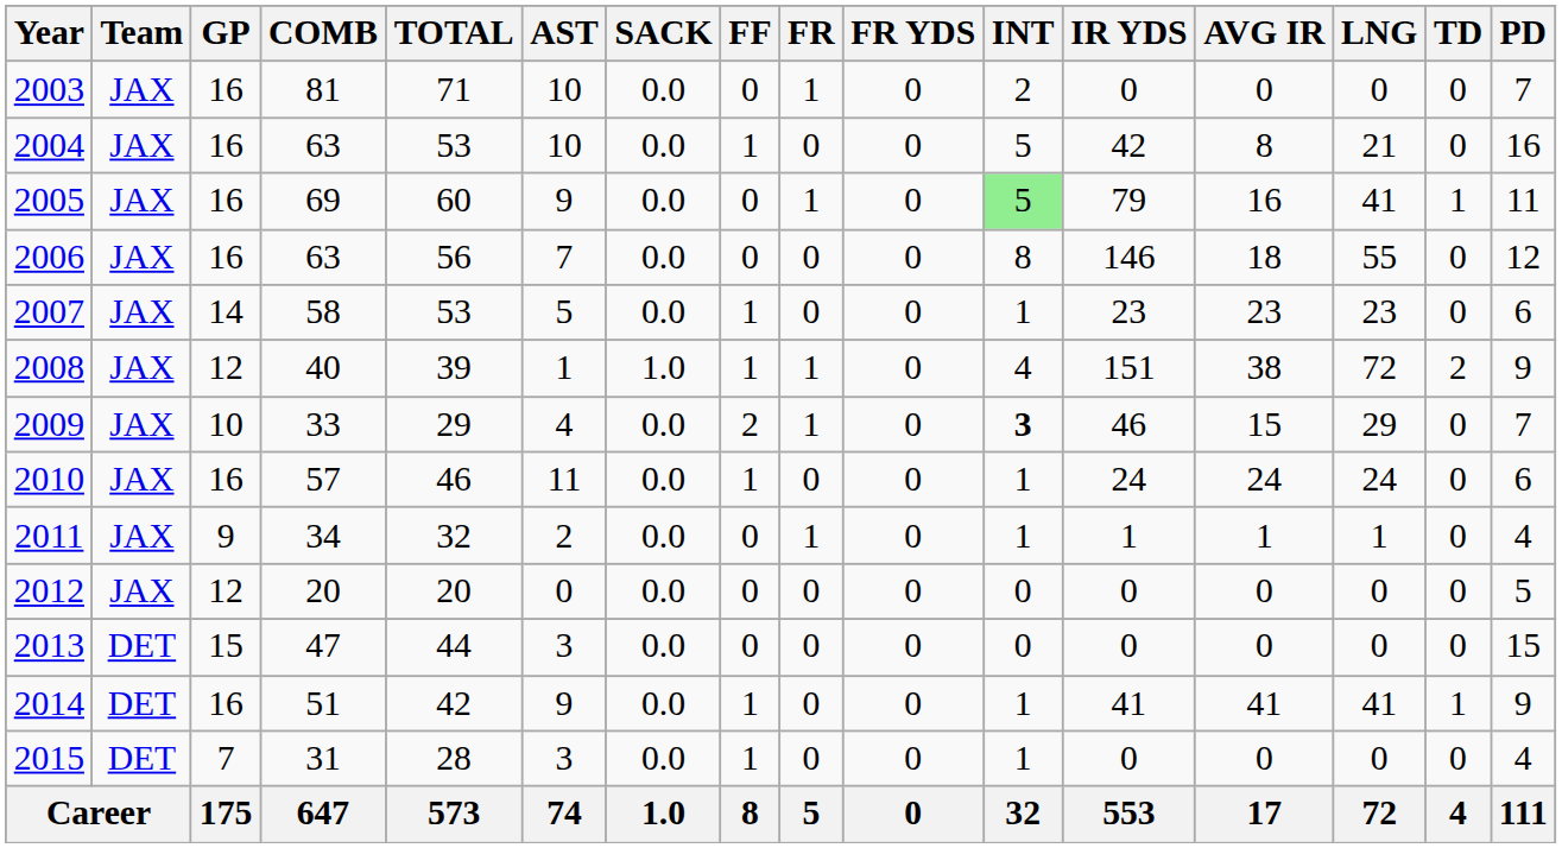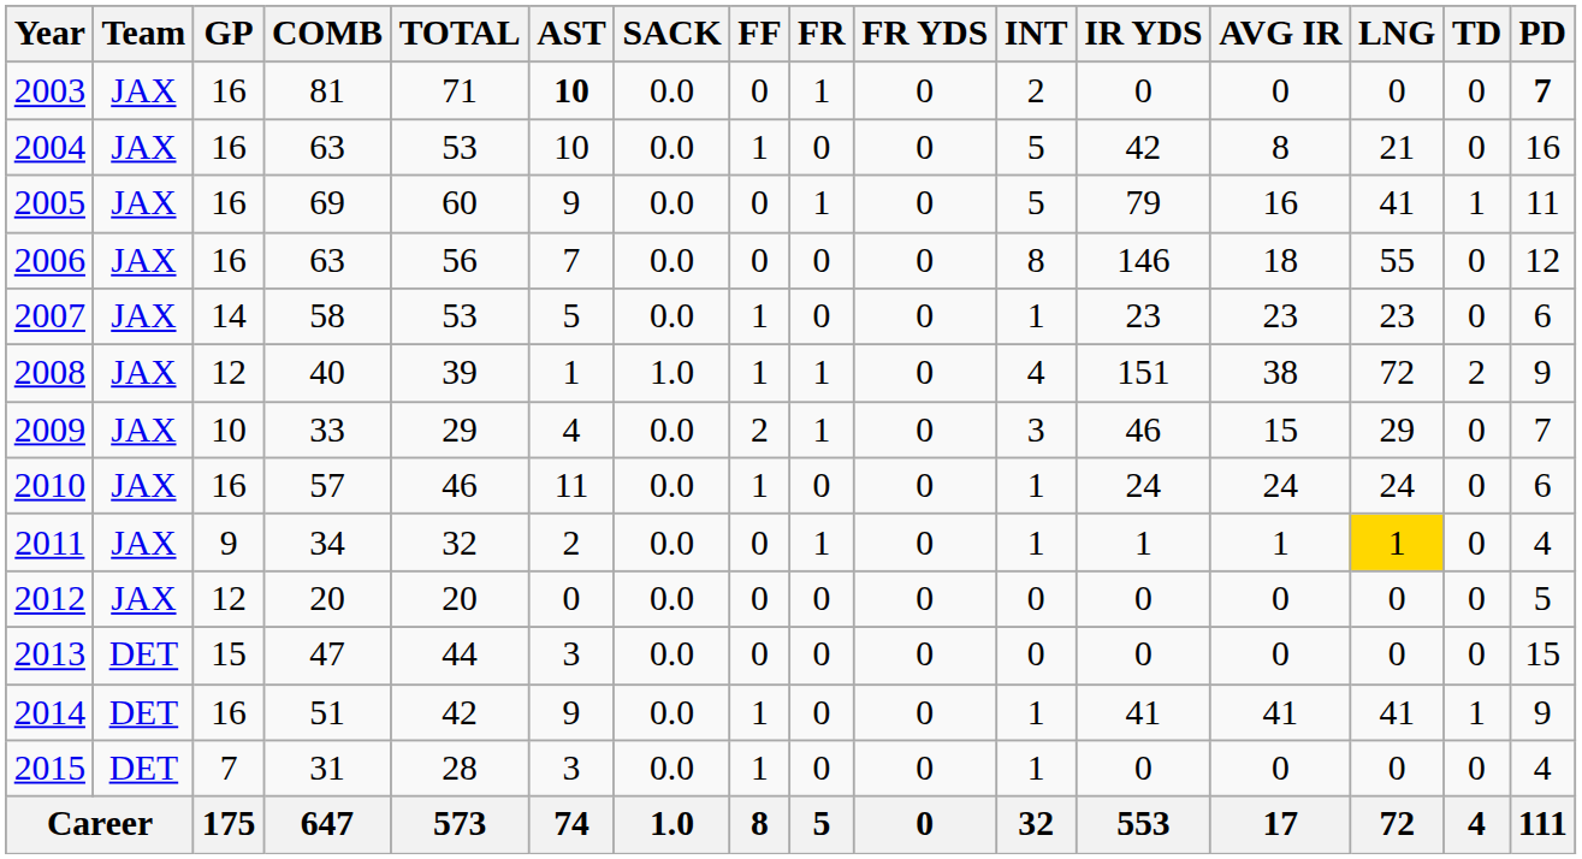 <table class="wikitable" style="text-align:center">
 <tr>
 <th>Year</th>
 <th>Team</th>
 <th>GP</th>
 <th>COMB</th>
 <th>TOTAL</th>
 <th>AST</th>
 <th>SACK</th>
 <th>FF</th>
 <th>FR</th>
 <th>FR YDS</th>
 <th>INT</th>
 <th>IR YDS</th>
 <th>AVG IR</th>
 <th>LNG</th>
 <th>TD</th>
 <th>PD</th>
 </tr>
 <tr>
 <td><a href='#'>2003</a></td>
 <td><a href='#'>JAX</a></td>
 <td>16</td>
 <td>81</td>
 <td>71</td>
-<td>10</td>
+<td><strong>10</strong></td>
 <td>0.0</td>
 <td>0</td>
 <td>1</td>
 <td>0</td>
 <td>2</td>
 <td>0</td>
 <td>0</td>
 <td>0</td>
 <td>0</td>
-<td>7</td>
+<td><strong>7</strong></td>
 </tr>
 <tr>
 <td><a href='#'>2004</a></td>
 <td><a href='#'>JAX</a></td>
 <td>16</td>
 <td>63</td>
 <td>53</td>
 <td>10</td>
 <td>0.0</td>
 <td>1</td>
 <td>0</td>
 <td>0</td>
 <td>5</td>
 <td>42</td>
 <td>8</td>
 <td>21</td>
 <td>0</td>
 <td>16</td>
 </tr>
 <tr>
 <td><a href='#'>2005</a></td>
 <td><a href='#'>JAX</a></td>
 <td>16</td>
 <td>69</td>
 <td>60</td>
 <td>9</td>
 <td>0.0</td>
 <td>0</td>
 <td>1</td>
 <td>0</td>
-<td style="background: lightgreen;">5</td>
+<td>5</td>
 <td>79</td>
 <td>16</td>
 <td>41</td>
 <td>1</td>
 <td>11</td>
 </tr>
 <tr>
 <td><a href='#'>2006</a></td>
 <td><a href='#'>JAX</a></td>
 <td>16</td>
 <td>63</td>
 <td>56</td>
 <td>7</td>
 <td>0.0</td>
 <td>0</td>
 <td>0</td>
 <td>0</td>
 <td>8</td>
 <td>146</td>
 <td>18</td>
 <td>55</td>
 <td>0</td>
 <td>12</td>
 </tr>
 <tr>
 <td><a href='#'>2007</a></td>
 <td><a href='#'>JAX</a></td>
 <td>14</td>
 <td>58</td>
 <td>53</td>
 <td>5</td>
 <td>0.0</td>
 <td>1</td>
 <td>0</td>
 <td>0</td>
 <td>1</td>
 <td>23</td>
 <td>23</td>
 <td>23</td>
 <td>0</td>
 <td>6</td>
 </tr>
 <tr>
 <td><a href='#'>2008</a></td>
 <td><a href='#'>JAX</a></td>
 <td>12</td>
 <td>40</td>
 <td>39</td>
 <td>1</td>
 <td>1.0</td>
 <td>1</td>
 <td>1</td>
 <td>0</td>
 <td>4</td>
 <td>151</td>
 <td>38</td>
 <td>72</td>
 <td>2</td>
 <td>9</td>
 </tr>
 <tr>
 <td><a href='#'>2009</a></td>
 <td><a href='#'>JAX</a></td>
 <td>10</td>
 <td>33</td>
 <td>29</td>
 <td>4</td>
 <td>0.0</td>
 <td>2</td>
 <td>1</td>
 <td>0</td>
-<td><strong>3</strong></td>
+<td>3</td>
 <td>46</td>
 <td>15</td>
 <td>29</td>
 <td>0</td>
 <td>7</td>
 </tr>
 <tr>
 <td><a href='#'>2010</a></td>
 <td><a href='#'>JAX</a></td>
 <td>16</td>
 <td>57</td>
 <td>46</td>
 <td>11</td>
 <td>0.0</td>
 <td>1</td>
 <td>0</td>
 <td>0</td>
 <td>1</td>
 <td>24</td>
 <td>24</td>
 <td>24</td>
 <td>0</td>
 <td>6</td>
 </tr>
 <tr>
 <td><a href='#'>2011</a></td>
 <td><a href='#'>JAX</a></td>
 <td>9</td>
 <td>34</td>
 <td>32</td>
 <td>2</td>
 <td>0.0</td>
 <td>0</td>
 <td>1</td>
 <td>0</td>
 <td>1</td>
 <td>1</td>
 <td>1</td>
-<td>1</td>
+<td style="background: gold;">1</td>
 <td>0</td>
 <td>4</td>
 </tr>
 <tr>
 <td><a href='#'>2012</a></td>
 <td><a href='#'>JAX</a></td>
 <td>12</td>
 <td>20</td>
 <td>20</td>
 <td>0</td>
 <td>0.0</td>
 <td>0</td>
 <td>0</td>
 <td>0</td>
 <td>0</td>
 <td>0</td>
 <td>0</td>
 <td>0</td>
 <td>0</td>
 <td>5</td>
 </tr>
 <tr>
 <td><a href='#'>2013</a></td>
 <td><a href='#'>DET</a></td>
 <td>15</td>
 <td>47</td>
 <td>44</td>
 <td>3</td>
 <td>0.0</td>
 <td>0</td>
 <td>0</td>
 <td>0</td>
 <td>0</td>
 <td>0</td>
 <td>0</td>
 <td>0</td>
 <td>0</td>
 <td>15</td>
 </tr>
 <tr>
 <td><a href='#'>2014</a></td>
 <td><a href='#'>DET</a></td>
 <td>16</td>
 <td>51</td>
 <td>42</td>
 <td>9</td>
 <td>0.0</td>
 <td>1</td>
 <td>0</td>
 <td>0</td>
 <td>1</td>
 <td>41</td>
 <td>41</td>
 <td>41</td>
 <td>1</td>
 <td>9</td>
 </tr>
 <tr>
 <td><a href='#'>2015</a></td>
 <td><a href='#'>DET</a></td>
 <td>7</td>
 <td>31</td>
 <td>28</td>
 <td>3</td>
 <td>0.0</td>
 <td>1</td>
 <td>0</td>
 <td>0</td>
 <td>1</td>
 <td>0</td>
 <td>0</td>
 <td>0</td>
 <td>0</td>
 <td>4</td>
 </tr>
 <tr>
 <th colspan="2">Career</th>
 <th>175</th>
 <th>647</th>
 <th>573</th>
 <th>74</th>
 <th>1.0</th>
 <th>8</th>
 <th>5</th>
 <th>0</th>
 <th>32</th>
 <th>553</th>
 <th>17</th>
 <th>72</th>
 <th>4</th>
 <th>111</th>
 </tr>
 </table>
